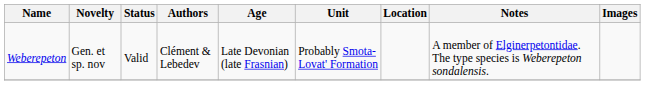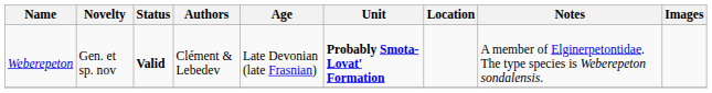 <table class="wikitable sortable" align="center" width="100%">
 <tr>
 <th>Name</th>
 <th>Novelty</th>
 <th>Status</th>
 <th>Authors</th>
 <th>Age</th>
 <th>Unit</th>
 <th>Location</th>
 <th>Notes</th>
 <th>Images</th>
 </tr>
 <tr>
 <td><br><em><a href='#'>Weberepeton</a></em></td>
 <td><br>Gen. et sp. nov</td>
-<td><br>Valid</td>
+<td><strong><br>Valid</strong></td>
 <td><br>Clément & Lebedev</td>
 <td><br>Late Devonian (late <a href='#'>Frasnian</a>)</td>
-<td><br>Probably <a href='#'>Smota-Lovat' Formation</a></td>
+<td><strong><br>Probably <a href='#'>Smota-Lovat' Formation</a></strong></td>
 <td><br></td>
 <td><br>A member of <a href='#'>Elginerpetontidae</a>. The type species is <em>Weberepeton sondalensis</em>.</td>
 <td></td>
 </tr>
 <tr>
 </tr>
 </table>
